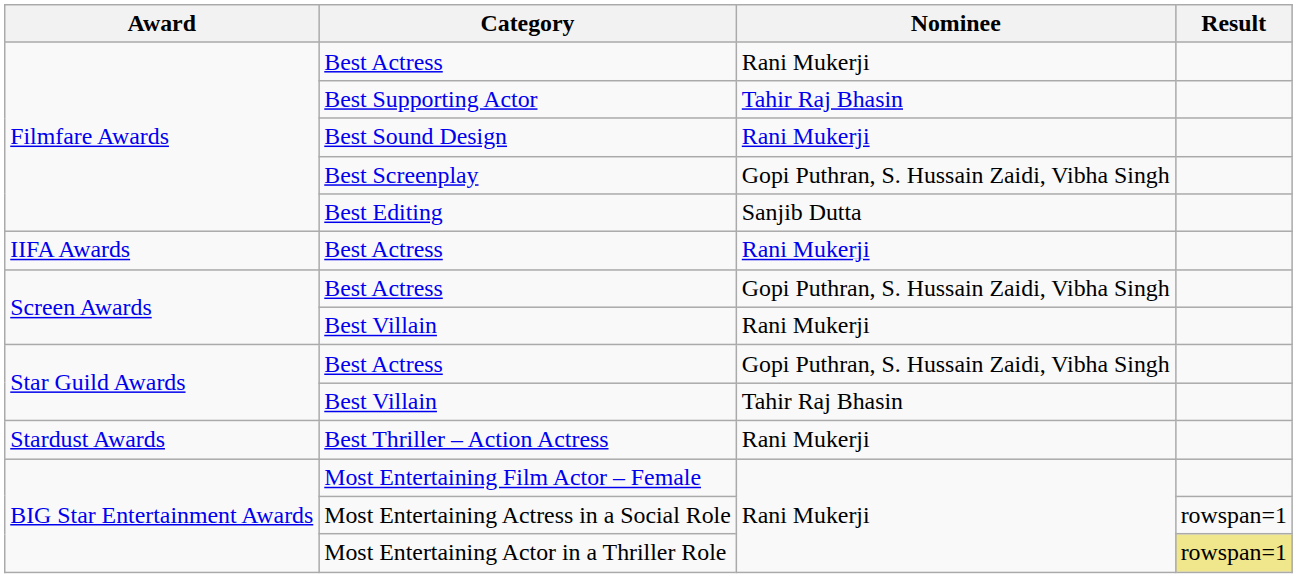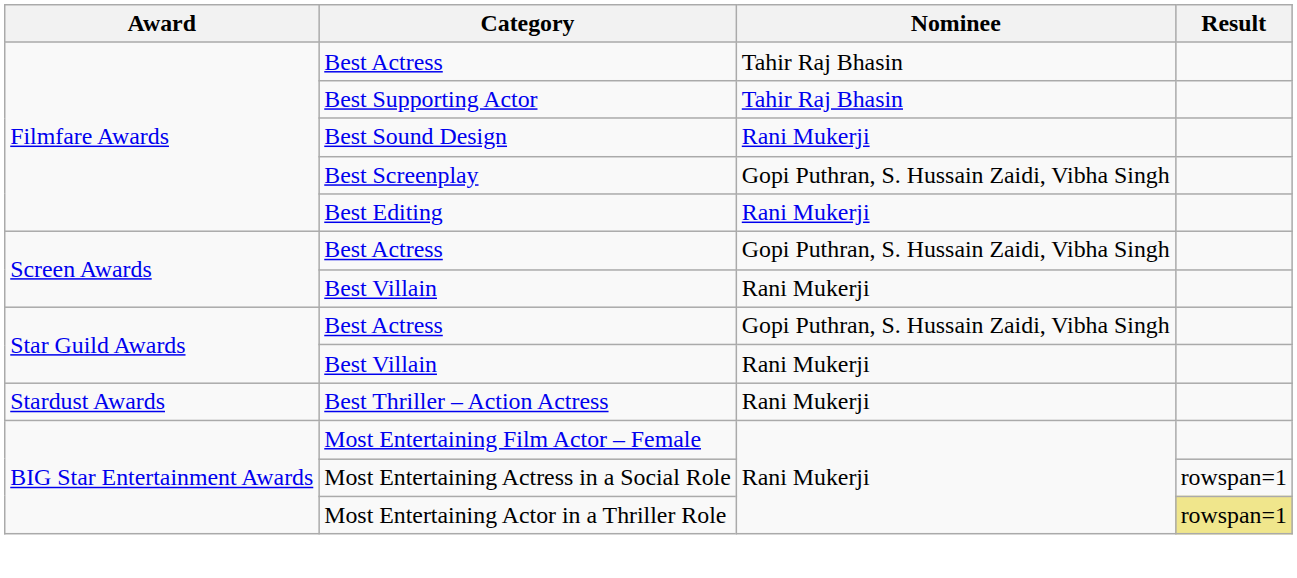 <table class="wikitable">
 <tr>
 <th>Award</th>
 <th>Category</th>
 <th>Nominee</th>
 <th>Result</th>
 </tr>
 <tr>
 <td rowspan=5><a href='#'>Filmfare Awards</a></td>
 <td><a href='#'>Best Actress</a></td>
-<td>Rani Mukerji</td>
+<td>Tahir Raj Bhasin</td>
 <td></td>
 </tr>
 <tr>
 <td><a href='#'>Best Supporting Actor</a></td>
 <td><a href='#'>Tahir Raj Bhasin</a></td>
 <td></td>
 </tr>
 <tr>
 <td><a href='#'>Best Sound Design</a></td>
 <td><a href='#'>Rani Mukerji</a></td>
 <td></td>
 </tr>
 <tr>
 <td><a href='#'>Best Screenplay</a></td>
 <td>Gopi Puthran, S. Hussain Zaidi, Vibha Singh</td>
 <td></td>
 </tr>
 <tr>
 <td><a href='#'>Best Editing</a></td>
-<td>Sanjib Dutta</td>
-<td></td>
-</tr>
-<tr>
-<td rowspan=1><a href='#'>IIFA Awards</a></td>
-<td><a href='#'>Best Actress</a></td>
 <td><a href='#'>Rani Mukerji</a></td>
 <td></td>
 </tr>
 <tr>
 <td rowspan=2><a href='#'>Screen Awards</a></td>
 <td><a href='#'>Best Actress</a></td>
 <td>Gopi Puthran, S. Hussain Zaidi, Vibha Singh</td>
 <td></td>
 </tr>
 <tr>
 <td><a href='#'>Best Villain</a></td>
 <td>Rani Mukerji</td>
 <td></td>
 </tr>
 <tr>
 <td rowspan=2><a href='#'>Star Guild Awards</a></td>
 <td><a href='#'>Best Actress</a></td>
 <td>Gopi Puthran, S. Hussain Zaidi, Vibha Singh</td>
 <td></td>
 </tr>
 <tr>
 <td><a href='#'>Best Villain</a></td>
-<td>Tahir Raj Bhasin</td>
+<td>Rani Mukerji</td>
 <td></td>
 </tr>
 <tr>
 <td rowspan=1><a href='#'>Stardust Awards</a></td>
 <td><a href='#'>Best Thriller – Action Actress</a></td>
 <td>Rani Mukerji</td>
 <td></td>
 </tr>
 <tr>
 <td rowspan="3"><a href='#'>BIG Star Entertainment Awards</a></td>
 <td><a href='#'>Most Entertaining Film Actor – Female</a></td>
 <td rowspan="3">Rani Mukerji</td>
 <td></td>
 </tr>
 <tr>
 <td>Most Entertaining Actress in a Social Role</td>
 <td>rowspan=1 </td>
 </tr>
 <tr>
 <td>Most Entertaining Actor in a Thriller Role</td>
 <td style="background: khaki;">rowspan=1 </td>
 </tr>
 </table>
